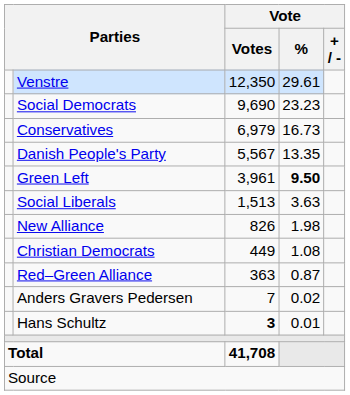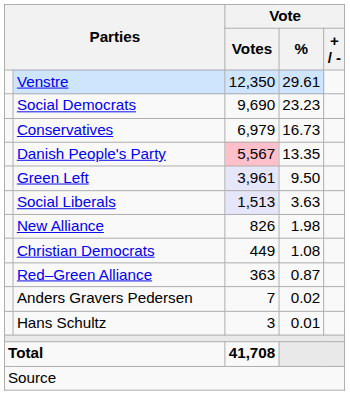 <table class="wikitable" style="text-align:right;">
 <tr>
 <th style="text-align:centre;" rowspan="2" colspan="2" width="225">Parties</th>
 <th colspan="3">Vote</th>
 </tr>
 <tr>
 <th width="15">Votes</th>
 <th width="15">%</th>
 <th width="15">+ / -</th>
 </tr>
 <tr>
 <td width="2" style="color:inherit;background:"></td>
 <td bgcolor=#cfe5fe  align="left"><a href='#'>Venstre</a></td>
 <td bgcolor=#cfe5fe>12,350</td>
 <td bgcolor=#cfe5fe>29.61</td>
 <td></td>
 </tr>
 <tr>
 <td width="2" style="color:inherit;background:"></td>
 <td align="left"><a href='#'>Social Democrats</a></td>
 <td>9,690</td>
 <td>23.23</td>
 <td></td>
 </tr>
 <tr>
 <td width="2" style="color:inherit;background:"></td>
 <td align="left"><a href='#'>Conservatives</a></td>
 <td>6,979</td>
 <td>16.73</td>
 <td></td>
 </tr>
 <tr>
 <td width="2" style="color:inherit;background:"></td>
 <td align="left"><a href='#'>Danish People's Party</a></td>
-<td>5,567</td>
+<td style="background: pink;">5,567</td>
 <td>13.35</td>
 <td></td>
 </tr>
 <tr>
 <td width="2" style="color:inherit;background:"></td>
 <td align="left"><a href='#'>Green Left</a></td>
-<td>3,961</td>
-<td><strong>9.50</strong></td>
+<td style="background: lavender;">3,961</td>
+<td>9.50</td>
 <td></td>
 </tr>
 <tr>
 <td width="2" style="color:inherit;background:"></td>
 <td align="left"><a href='#'>Social Liberals</a></td>
-<td>1,513</td>
+<td style="background: lavender;">1,513</td>
 <td>3.63</td>
 <td></td>
 </tr>
 <tr>
 <td width="2" style="color:inherit;background:"></td>
 <td align="left"><a href='#'>New Alliance</a></td>
 <td>826</td>
 <td>1.98</td>
 <td></td>
 </tr>
 <tr>
 <td width="2" style="color:inherit;background:"></td>
 <td align="left"><a href='#'>Christian Democrats</a></td>
 <td>449</td>
 <td>1.08</td>
 <td></td>
 </tr>
 <tr>
 <td width="2" style="color:inherit;background:"></td>
 <td align="left"><a href='#'>Red–Green Alliance</a></td>
 <td>363</td>
 <td>0.87</td>
 <td></td>
 </tr>
 <tr>
 <td width="2" style="color:inherit;background:"></td>
 <td align="left">Anders Gravers Pedersen</td>
 <td>7</td>
 <td>0.02</td>
 <td></td>
 </tr>
 <tr>
 <td width="2" style="color:inherit;background:"></td>
 <td align="left">Hans Schultz</td>
-<td><strong>3</strong></td>
+<td>3</td>
 <td>0.01</td>
 <td></td>
 </tr>
 <tr>
 <td colspan="7" bgcolor="#E9E9E9"></td>
 </tr>
 <tr>
 <td align="left" colspan="2"><strong>Total</strong></td>
 <td><strong>41,708</strong></td>
 <td bgcolor="#E9E9E9" colspan="2"></td>
 </tr>
 <tr>
 <td align="left" colspan="6">Source</td>
 </tr>
 </table>
